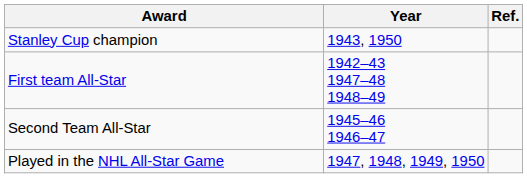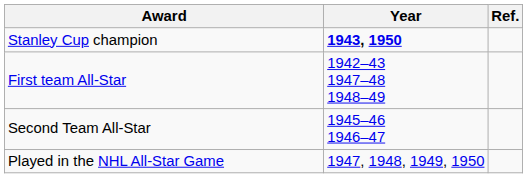 <table class="wikitable">
 <tr>
 <th scope="col" style="width:21em">Award</th>
 <th scope="col">Year</th>
 <th scope="col">Ref.</th>
 </tr>
 <tr>
 <td><a href='#'>Stanley Cup</a> champion</td>
-<td><a href='#'>1943</a>, <a href='#'>1950</a></td>
+<td><strong><a href='#'>1943</a>, <a href='#'>1950</a></strong></td>
 </tr>
 <tr>
 <td><a href='#'>First team All-Star</a></td>
 <td><a href='#'>1942–43</a><br><a href='#'>1947–48</a><br><a href='#'>1948–49</a></td>
 <td></td>
 </tr>
 <tr>
 <td>Second Team All-Star</td>
 <td><a href='#'>1945–46</a><br><a href='#'>1946–47</a></td>
 <td></td>
 </tr>
 <tr>
 <td>Played in the <a href='#'>NHL All-Star Game</a></td>
 <td><a href='#'>1947</a>, <a href='#'>1948</a>, <a href='#'>1949</a>, <a href='#'>1950</a></td>
 <td></td>
 </tr>
 </table>
